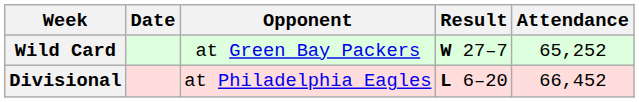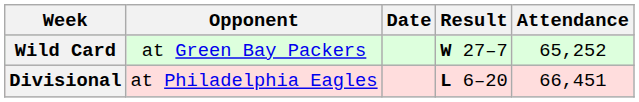 <table class="wikitable" style="text-align:center">
 <tr>
 <th>Week</th>
+<th>Opponent</th>
 <th>Date</th>
-<th>Opponent</th>
 <th>Result</th>
 <th>Attendance</th>
 </tr>
 <tr style="background:#ddffdd">
 <th>Wild Card</th>
+<td>at <a href='#'>Green Bay Packers</a></td>
 <td></td>
-<td>at <a href='#'>Green Bay Packers</a></td>
 <td><strong>W</strong> 27–7</td>
 <td>65,252</td>
 </tr>
 <tr style="background:#ffdddd">
 <th>Divisional</th>
+<td>at <a href='#'>Philadelphia Eagles</a></td>
 <td></td>
-<td>at <a href='#'>Philadelphia Eagles</a></td>
 <td><strong>L</strong> 6–20</td>
-<td>66,452</td>
+<td>66,451</td>
 </tr>
 </table>
